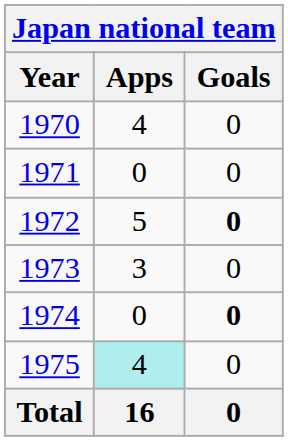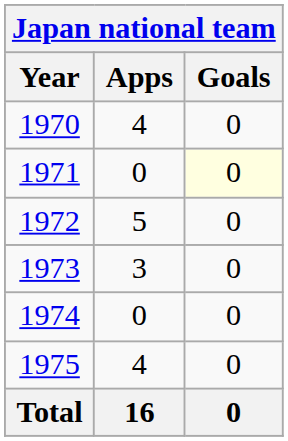 <table class="wikitable" style="text-align:center">
 <tr>
 <th colspan=3><a href='#'>Japan national team</a></th>
 </tr>
 <tr>
 <th>Year</th>
 <th>Apps</th>
 <th>Goals</th>
 </tr>
 <tr>
 <td><a href='#'>1970</a></td>
 <td>4</td>
 <td>0</td>
 </tr>
 <tr>
 <td><a href='#'>1971</a></td>
 <td>0</td>
-<td>0</td>
+<td style="background: lightyellow;">0</td>
 </tr>
 <tr>
 <td><a href='#'>1972</a></td>
 <td>5</td>
-<td><strong>0</strong></td>
+<td>0</td>
 </tr>
 <tr>
 <td><a href='#'>1973</a></td>
 <td>3</td>
 <td>0</td>
 </tr>
 <tr>
 <td><a href='#'>1974</a></td>
 <td>0</td>
-<td><strong>0</strong></td>
+<td>0</td>
 </tr>
 <tr>
 <td><a href='#'>1975</a></td>
-<td style="background: paleturquoise;">4</td>
+<td>4</td>
 <td>0</td>
 </tr>
 <tr>
 <th>Total</th>
 <th>16</th>
 <th>0</th>
 </tr>
 </table>
